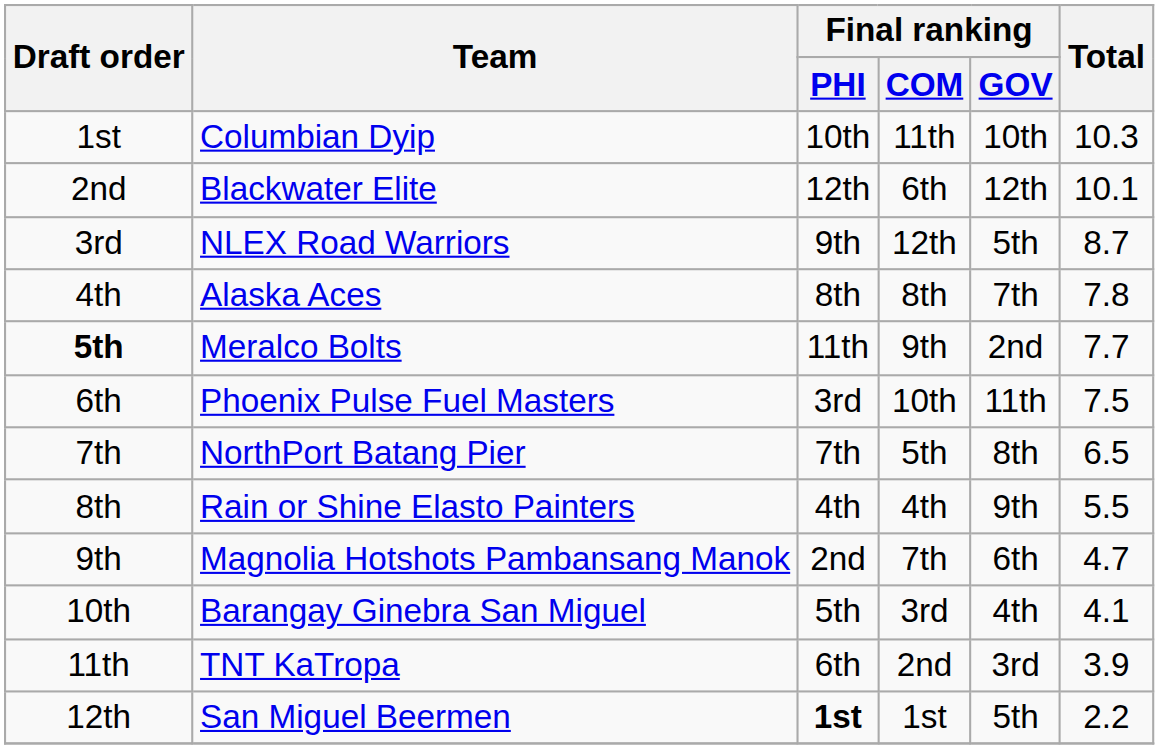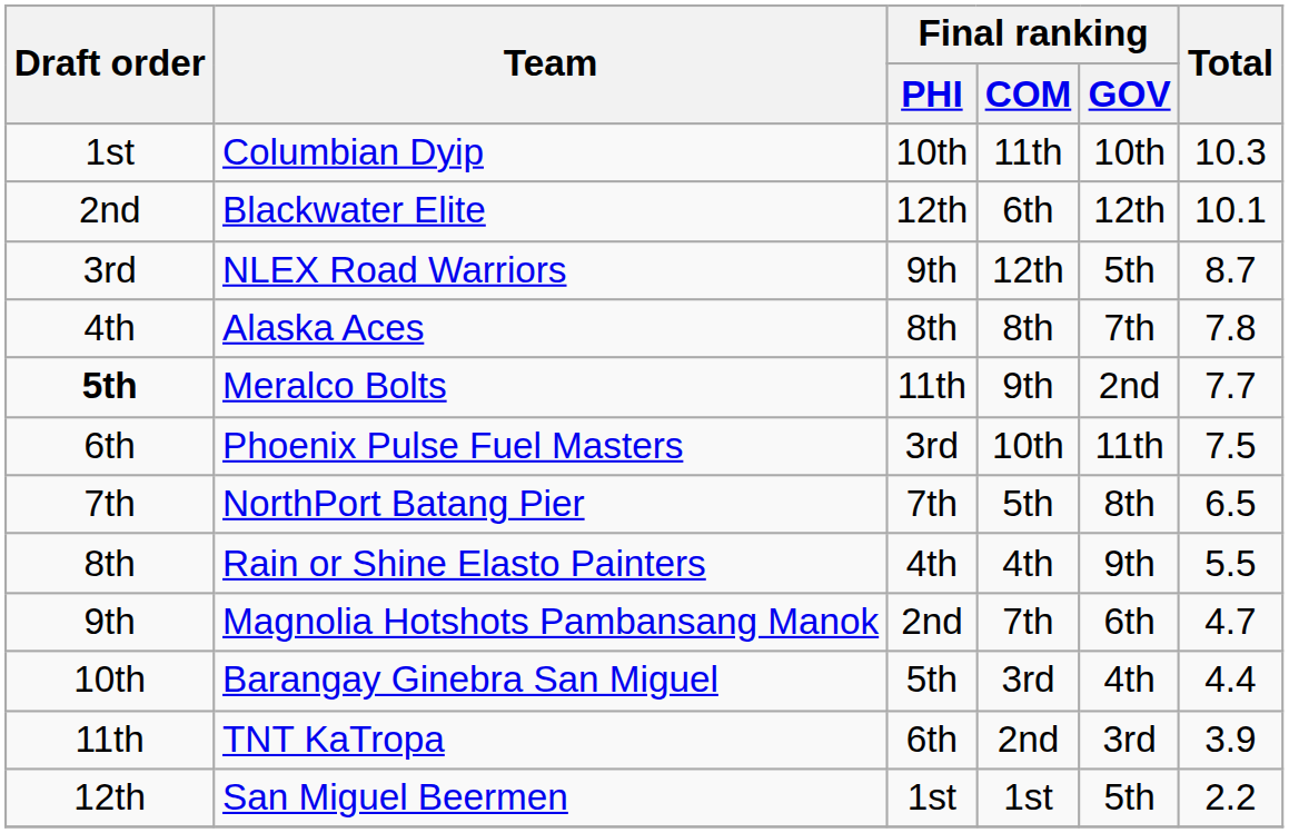 <table class=wikitable style="text-align:center;">
 <tr>
 <th rowspan=2>Draft order</th>
 <th rowspan=2>Team</th>
 <th colspan=3>Final ranking</th>
 <th rowspan=2>Total</th>
 </tr>
 <tr>
 <th><a href='#'>PHI</a></th>
 <th><a href='#'>COM</a></th>
 <th><a href='#'>GOV</a></th>
 </tr>
 <tr>
 <td>1st</td>
 <td align="left"><a href='#'>Columbian Dyip</a></td>
 <td>10th</td>
 <td>11th</td>
 <td>10th</td>
 <td>10.3</td>
 </tr>
 <tr>
 <td>2nd</td>
 <td align="left"><a href='#'>Blackwater Elite</a></td>
 <td>12th</td>
 <td>6th</td>
 <td>12th</td>
 <td>10.1</td>
 </tr>
 <tr>
 <td>3rd</td>
 <td align="left"><a href='#'>NLEX Road Warriors</a></td>
 <td>9th</td>
 <td>12th</td>
 <td>5th</td>
 <td>8.7</td>
 </tr>
 <tr>
 <td>4th</td>
 <td align="left"><a href='#'>Alaska Aces</a></td>
 <td>8th</td>
 <td>8th</td>
 <td>7th</td>
 <td>7.8</td>
 </tr>
 <tr>
 <td><strong>5th</strong></td>
 <td align="left"><a href='#'>Meralco Bolts</a></td>
 <td>11th</td>
 <td>9th</td>
 <td>2nd</td>
 <td>7.7</td>
 </tr>
 <tr>
 <td>6th</td>
 <td align="left"><a href='#'>Phoenix Pulse Fuel Masters</a></td>
 <td>3rd</td>
 <td>10th</td>
 <td>11th</td>
 <td>7.5</td>
 </tr>
 <tr>
 <td>7th</td>
 <td align="left"><a href='#'>NorthPort Batang Pier</a></td>
 <td>7th</td>
 <td>5th</td>
 <td>8th</td>
 <td>6.5</td>
 </tr>
 <tr>
 <td>8th</td>
 <td align="left"><a href='#'>Rain or Shine Elasto Painters</a></td>
 <td>4th</td>
 <td>4th</td>
 <td>9th</td>
 <td>5.5</td>
 </tr>
 <tr>
 <td>9th</td>
 <td align="left"><a href='#'>Magnolia Hotshots Pambansang Manok</a></td>
 <td>2nd</td>
 <td>7th</td>
 <td>6th</td>
 <td>4.7</td>
 </tr>
 <tr>
 <td>10th</td>
 <td align="left"><a href='#'>Barangay Ginebra San Miguel</a></td>
 <td>5th</td>
 <td>3rd</td>
 <td>4th</td>
-<td>4.1</td>
+<td>4.4</td>
 </tr>
 <tr>
 <td>11th</td>
 <td align="left"><a href='#'>TNT KaTropa</a></td>
 <td>6th</td>
 <td>2nd</td>
 <td>3rd</td>
 <td>3.9</td>
 </tr>
 <tr>
 <td>12th</td>
 <td align="left"><a href='#'>San Miguel Beermen</a></td>
-<td><strong>1st</strong></td>
+<td>1st</td>
 <td>1st</td>
 <td>5th</td>
 <td>2.2</td>
 </tr>
 <tr>
 </tr>
 </table>
